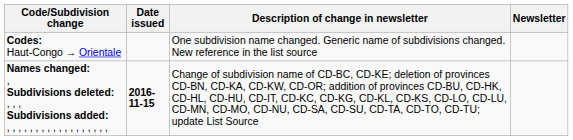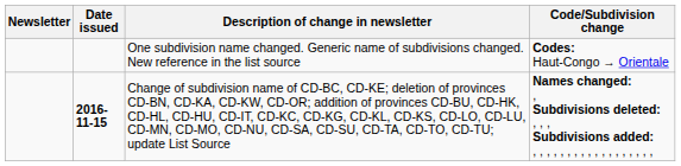 <table class="wikitable">
 <tr>
-<th>Code/Subdivision change</th>
+<th>Newsletter</th>
 <th>Date issued</th>
 <th>Description of change in newsletter</th>
-<th>Newsletter</th>
+<th>Code/Subdivision change</th>
 </tr>
 <tr>
-<td style=white-space:nowrap><strong>Codes:</strong><br>  Haut-Congo →  <a href='#'>Orientale</a></td>
+<td id="I-2"></td>
 <td></td>
 <td>One subdivision name changed. Generic name of subdivisions changed. New reference in the list source</td>
-<td id="I-2"></td>
+<td style=white-space:nowrap><strong>Codes:</strong><br>  Haut-Congo →  <a href='#'>Orientale</a></td>
 </tr>
 <tr>
-<td><strong>Names changed:</strong><br>, <br><strong>Subdivisions deleted:</strong><br>, , , <br><strong>Subdivisions added:</strong><br>, , , , , , , , , , , , , , , , , , </td>
+<td></td>
 <td><strong>2016-11-15</strong></td>
 <td>Change of subdivision name of CD-BC, CD-KE; deletion of provinces CD-BN, CD-KA, CD-KW, CD-OR; addition of provinces CD-BU, CD-HK, CD-HL, CD-HU, CD-IT, CD-KC, CD-KG, CD-KL, CD-KS, CD-LO, CD-LU, CD-MN, CD-MO, CD-NU, CD-SA, CD-SU, CD-TA, CD-TO, CD-TU; update List Source</td>
-<td></td>
+<td><strong>Names changed:</strong><br>, <br><strong>Subdivisions deleted:</strong><br>, , , <br><strong>Subdivisions added:</strong><br>, , , , , , , , , , , , , , , , , , </td>
 </tr>
 </table>
